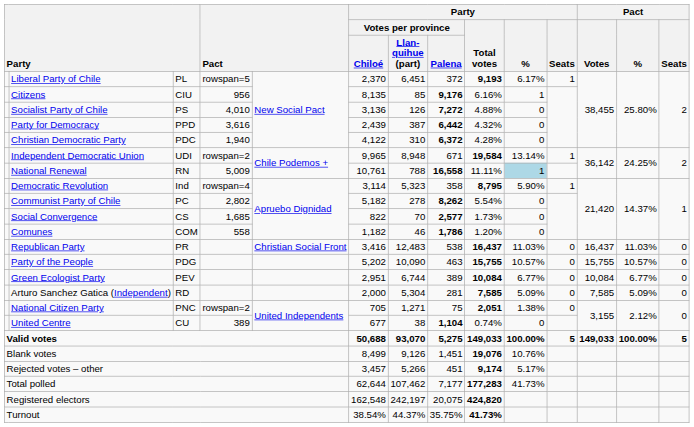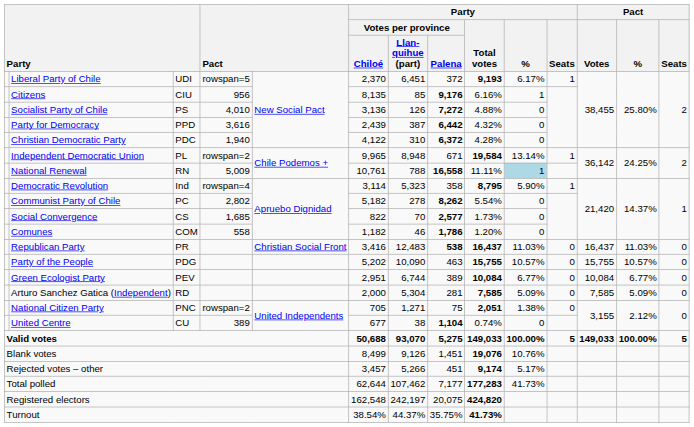 <table class="wikitable" border="1" style="font-size:90%; text-align:right; white-space: nowrap;">
 <tr>
 <th style="text-align:left;" valign=bottom rowspan=3 colspan=3>Party</th>
 <th style="text-align:left;" valign=bottom rowspan=3 colspan=2>Pact</th>
 <th colspan=6>Party</th>
 <th colspan=3>Pact</th>
 </tr>
 <tr>
 <th colspan=3>Votes per province</th>
 <th align=center valign=bottom rowspan=2 width="40">Total<br>votes</th>
 <th align=center valign=bottom rowspan=2 width="40">%</th>
 <th align=center valign=bottom rowspan=2>Seats</th>
 <th align=center valign=bottom rowspan=2 width="40">Votes</th>
 <th align=center valign=bottom rowspan=2 width="40">%</th>
 <th align=center valign=bottom rowspan=2>Seats</th>
 </tr>
 <tr>
 <th align=center valign=bottom width="40"><a href='#'>Chiloé</a></th>
 <th align=center valign=bottom width="40"><a href='#'>Llan-<br>quihue</a><br>(part)</th>
 <th align=center valign=bottom width="40"><a href='#'>Palena</a></th>
 </tr>
 <tr>
 <td></td>
 <td align=left><a href='#'>Liberal Party of Chile</a></td>
-<td align=left>PL</td>
+<td align=left>UDI</td>
 <td>rowspan=5 </td>
 <td rowspan=5 align=left><a href='#'>New Social Pact</a></td>
 <td>2,370</td>
 <td>6,451</td>
 <td>372</td>
 <td><strong>9,193</strong></td>
 <td>6.17%</td>
 <td>1</td>
 <td rowspan=5>38,455</td>
 <td rowspan=5>25.80%</td>
 <td rowspan=5>2</td>
 </tr>
 <tr>
 <td></td>
 <td align=left><a href='#'>Citizens</a></td>
 <td align=left>CIU</td>
 <td>956</td>
 <td>8,135</td>
 <td>85</td>
 <td><strong>9,176</strong></td>
 <td>6.16%</td>
 <td>1</td>
 </tr>
 <tr>
 <td></td>
 <td align=left><a href='#'>Socialist Party of Chile</a></td>
 <td align=left>PS</td>
 <td>4,010</td>
 <td>3,136</td>
 <td>126</td>
 <td><strong>7,272</strong></td>
 <td>4.88%</td>
 <td>0</td>
 </tr>
 <tr>
 <td></td>
 <td align=left><a href='#'>Party for Democracy</a></td>
 <td align=left>PPD</td>
 <td>3,616</td>
 <td>2,439</td>
 <td>387</td>
 <td><strong>6,442</strong></td>
 <td>4.32%</td>
 <td>0</td>
 </tr>
 <tr>
 <td></td>
 <td align=left><a href='#'>Christian Democratic Party</a></td>
 <td align=left>PDC</td>
 <td>1,940</td>
 <td>4,122</td>
 <td>310</td>
 <td><strong>6,372</strong></td>
 <td>4.28%</td>
 <td>0</td>
 </tr>
 <tr>
 <td></td>
 <td align=left><a href='#'>Independent Democratic Union</a></td>
-<td align=left>UDI</td>
+<td align=left>PL</td>
 <td>rowspan=2 </td>
 <td rowspan=2 align=left><a href='#'>Chile Podemos +</a></td>
 <td>9,965</td>
 <td>8,948</td>
 <td>671</td>
 <td><strong>19,584</strong></td>
 <td>13.14%</td>
 <td>1</td>
 <td rowspan=2>36,142</td>
 <td rowspan=2>24.25%</td>
 <td rowspan=2>2</td>
 </tr>
 <tr>
 <td></td>
 <td align=left><a href='#'>National Renewal</a></td>
 <td align=left>RN</td>
 <td>5,009</td>
 <td>10,761</td>
 <td>788</td>
 <td><strong>16,558</strong></td>
 <td>11.11%</td>
 <td style="background: lightblue;">1</td>
 </tr>
 <tr>
 <td></td>
 <td align=left><a href='#'>Democratic Revolution</a></td>
 <td align=left>Ind</td>
 <td>rowspan=4 </td>
 <td rowspan=4 align=left><a href='#'>Apruebo Dignidad</a></td>
 <td>3,114</td>
 <td>5,323</td>
 <td>358</td>
 <td><strong>8,795</strong></td>
 <td>5.90%</td>
 <td>1</td>
 <td rowspan=4>21,420</td>
 <td rowspan=4>14.37%</td>
 <td rowspan=4>1</td>
 </tr>
 <tr>
 <td></td>
 <td align=left><a href='#'>Communist Party of Chile</a></td>
 <td align=left>PC</td>
 <td>2,802</td>
 <td>5,182</td>
 <td>278</td>
 <td><strong>8,262</strong></td>
 <td>5.54%</td>
 <td>0</td>
 </tr>
 <tr>
 <td></td>
 <td align=left><a href='#'>Social Convergence</a></td>
 <td align=left>CS</td>
 <td>1,685</td>
 <td>822</td>
 <td>70</td>
 <td><strong>2,577</strong></td>
 <td>1.73%</td>
 <td>0</td>
 </tr>
 <tr>
 <td></td>
 <td align=left><a href='#'>Comunes</a></td>
 <td align=left>COM</td>
 <td>558</td>
 <td>1,182</td>
 <td>46</td>
 <td><strong>1,786</strong></td>
 <td>1.20%</td>
 <td>0</td>
 </tr>
 <tr>
 <td></td>
 <td align=left><a href='#'>Republican Party</a></td>
 <td align=left>PR</td>
 <td></td>
 <td align=left><a href='#'>Christian Social Front</a></td>
 <td>3,416</td>
 <td>12,483</td>
-<td>538</td>
+<td><strong>538</strong></td>
 <td><strong>16,437</strong></td>
 <td>11.03%</td>
 <td>0</td>
 <td>16,437</td>
 <td>11.03%</td>
 <td>0</td>
 </tr>
 <tr>
 <td></td>
 <td align=left><a href='#'>Party of the People</a></td>
 <td align=left>PDG</td>
 <td></td>
 <td></td>
 <td>5,202</td>
 <td>10,090</td>
 <td>463</td>
 <td><strong>15,755</strong></td>
 <td>10.57%</td>
 <td>0</td>
 <td>15,755</td>
 <td>10.57%</td>
 <td>0</td>
 </tr>
 <tr>
 <td></td>
 <td align=left><a href='#'>Green Ecologist Party</a></td>
 <td align=left>PEV</td>
 <td></td>
 <td></td>
 <td>2,951</td>
 <td>6,744</td>
 <td>389</td>
 <td><strong>10,084</strong></td>
 <td>6.77%</td>
 <td>0</td>
 <td>10,084</td>
 <td>6.77%</td>
 <td>0</td>
 </tr>
 <tr>
 <td></td>
 <td align=left>Arturo Sanchez Gatica (<a href='#'>Independent</a>)</td>
 <td align=left>RD</td>
 <td></td>
 <td></td>
 <td>2,000</td>
 <td>5,304</td>
 <td>281</td>
 <td><strong>7,585</strong></td>
 <td>5.09%</td>
 <td>0</td>
 <td>7,585</td>
 <td>5.09%</td>
 <td>0</td>
 </tr>
 <tr>
 <td></td>
 <td align=left><a href='#'>National Citizen Party</a></td>
 <td align=left>PNC</td>
 <td>rowspan=2 </td>
 <td rowspan=2 align=left><a href='#'>United Independents</a></td>
 <td>705</td>
 <td>1,271</td>
 <td>75</td>
 <td><strong>2,051</strong></td>
 <td>1.38%</td>
 <td>0</td>
 <td rowspan=2>3,155</td>
 <td rowspan=2>2.12%</td>
 <td rowspan=2>0</td>
 </tr>
 <tr>
 <td></td>
 <td align=left><a href='#'>United Centre</a></td>
 <td align=left>CU</td>
 <td>389</td>
 <td>677</td>
 <td>38</td>
 <td><strong>1,104</strong></td>
 <td>0.74%</td>
 <td>0</td>
 </tr>
 <tr style="font-weight:bold">
 <td align=left colspan=5>Valid votes</td>
 <td>50,688</td>
 <td>93,070</td>
 <td>5,275</td>
 <td>149,033</td>
 <td>100.00%</td>
 <td>5</td>
 <td>149,033</td>
 <td>100.00%</td>
 <td>5</td>
 </tr>
 <tr>
 <td align=left colspan=5>Blank votes</td>
 <td>8,499</td>
 <td>9,126</td>
 <td>1,451</td>
 <td><strong>19,076</strong></td>
 <td>10.76%</td>
 <td></td>
 <td></td>
 <td></td>
 <td></td>
 </tr>
 <tr>
 <td align=left colspan=5>Rejected votes – other</td>
 <td>3,457</td>
 <td>5,266</td>
 <td>451</td>
 <td><strong>9,174</strong></td>
 <td>5.17%</td>
 <td></td>
 <td></td>
 <td></td>
 <td></td>
 </tr>
 <tr>
 <td align=left colspan=5>Total polled</td>
 <td>62,644</td>
 <td>107,462</td>
 <td>7,177</td>
 <td><strong>177,283</strong></td>
 <td>41.73%</td>
 <td></td>
 <td></td>
 <td></td>
 <td></td>
 </tr>
 <tr>
 <td align=left colspan=5>Registered electors</td>
 <td>162,548</td>
 <td>242,197</td>
 <td>20,075</td>
 <td><strong>424,820</strong></td>
 <td></td>
 <td></td>
 <td></td>
 <td></td>
 <td></td>
 </tr>
 <tr>
 <td align=left colspan=5>Turnout</td>
 <td>38.54%</td>
 <td>44.37%</td>
 <td>35.75%</td>
 <td><strong>41.73%</strong></td>
 <td></td>
 <td></td>
 <td></td>
 <td></td>
 <td></td>
 </tr>
 </table>
